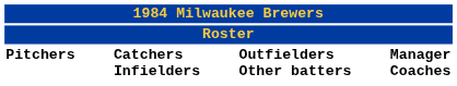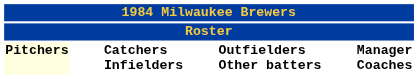 <table class="toccolours" style="font-size: 95%;">
 <tr>
 <th colspan="10" style="background-color: #003BA0; color: #F6CA3F; text-align: center;">1984 Milwaukee Brewers</th>
 </tr>
 <tr>
 <td colspan="10" style="background-color: #003BA0; color: #F6CA3F; text-align: center;"><strong>Roster</strong></td>
 </tr>
 <tr>
-<td valign="top"><strong>Pitchers</strong><br>                 </td>
+<td valign="top" style="background: lightyellow;"><strong>Pitchers</strong><br>                 </td>
 <td width="25px"></td>
 <td valign="top"><strong>Catchers</strong><br>  <strong>Infielders</strong>        </td>
 <td width="25px"></td>
 <td valign="top"><strong>Outfielders</strong><br>       <strong>Other batters</strong> </td>
 <td width="25px"></td>
 <td valign="top"><strong>Manager</strong><br>  <strong>Coaches</strong>       </td>
 </tr>
 <tr>
 </tr>
 <tr>
 </tr>
 </table>
